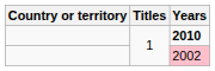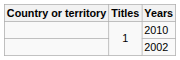 <table class="wikitable" style="font-size:95%;">
 <tr>
 <th>Country or territory</th>
 <th>Titles</th>
 <th>Years</th>
 </tr>
 <tr>
 <td></td>
 <td rowspan="2" style="text-align:center;">1</td>
-<td><strong>2010</strong></td>
+<td>2010</td>
 </tr>
 <tr>
 <td></td>
-<td style="background: pink;">2002</td>
+<td>2002</td>
 </tr>
 </table>
